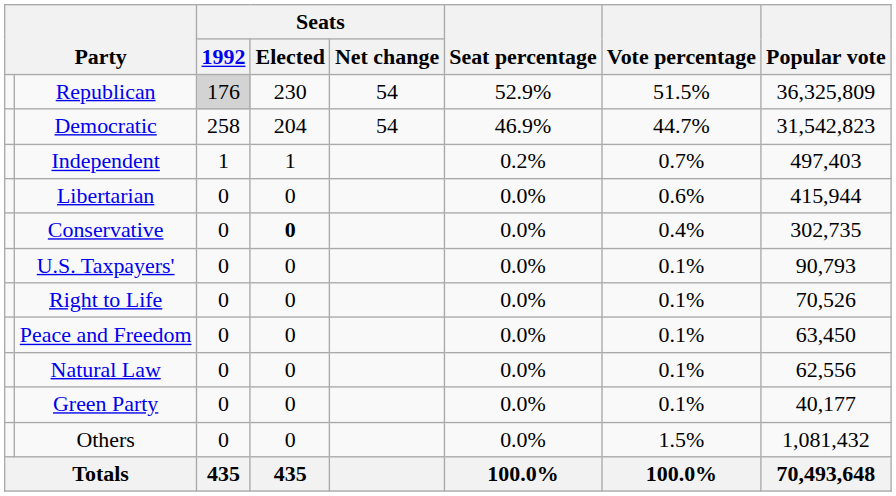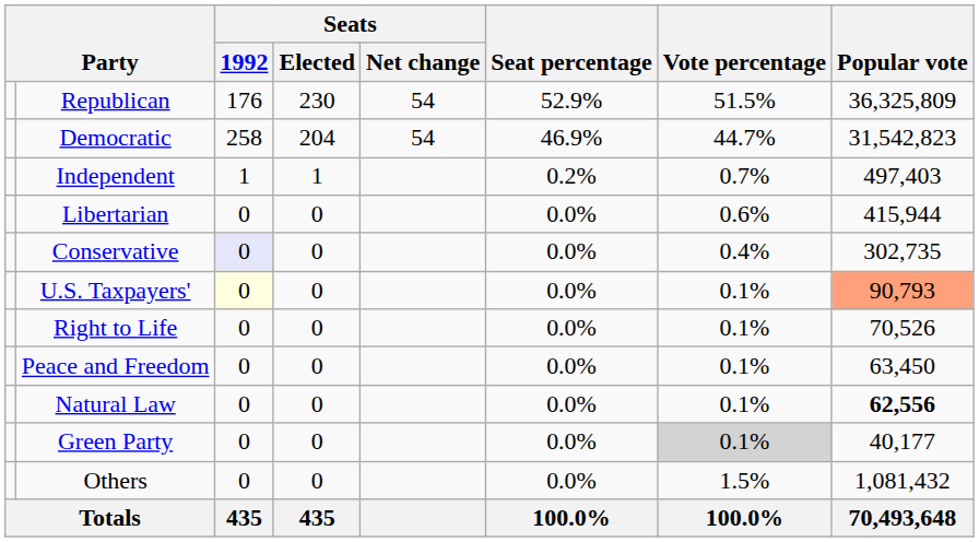 <table class=wikitable style="text-align:center">
 <tr valign=bottom>
 <th rowspan=2 colspan=2>Party</th>
 <th colspan=3>Seats</th>
 <th rowspan=2>Seat percentage</th>
 <th rowspan=2>Vote percentage</th>
 <th rowspan=2>Popular vote</th>
 </tr>
 <tr>
 <th><a href='#'>1992</a></th>
 <th>Elected</th>
 <th>Net change</th>
 </tr>
 <tr>
 <td></td>
 <td><a href='#'>Republican</a></td>
-<td style="background: lightgrey;">176</td>
+<td>176</td>
 <td>230</td>
 <td> 54</td>
 <td>52.9%</td>
 <td>51.5%</td>
 <td>36,325,809</td>
 </tr>
 <tr>
 <td></td>
 <td><a href='#'>Democratic</a></td>
 <td>258</td>
 <td>204</td>
 <td> 54</td>
 <td>46.9%</td>
 <td>44.7%</td>
 <td>31,542,823</td>
 </tr>
 <tr>
 <td></td>
 <td><a href='#'>Independent</a></td>
 <td>1</td>
 <td>1</td>
 <td></td>
 <td>0.2%</td>
 <td>0.7%</td>
 <td>497,403</td>
 </tr>
 <tr>
 <td></td>
 <td><a href='#'>Libertarian</a></td>
 <td>0</td>
 <td>0</td>
 <td></td>
 <td>0.0%</td>
 <td>0.6%</td>
 <td>415,944</td>
 </tr>
 <tr>
 <td></td>
 <td><a href='#'>Conservative</a></td>
+<td style="background: lavender;">0</td>
 <td>0</td>
-<td><strong>0</strong></td>
 <td></td>
 <td>0.0%</td>
 <td>0.4%</td>
 <td>302,735</td>
 </tr>
 <tr>
 <td></td>
 <td><a href='#'>U.S. Taxpayers'</a></td>
-<td>0</td>
+<td style="background: lightyellow;">0</td>
 <td>0</td>
 <td></td>
 <td>0.0%</td>
 <td>0.1%</td>
-<td>90,793</td>
+<td style="background: lightsalmon;">90,793</td>
 </tr>
 <tr>
 <td></td>
 <td><a href='#'>Right to Life</a></td>
 <td>0</td>
 <td>0</td>
 <td></td>
 <td>0.0%</td>
 <td>0.1%</td>
 <td>70,526</td>
 </tr>
 <tr>
 <td></td>
 <td><a href='#'>Peace and Freedom</a></td>
 <td>0</td>
 <td>0</td>
 <td></td>
 <td>0.0%</td>
 <td>0.1%</td>
 <td>63,450</td>
 </tr>
 <tr>
 <td></td>
 <td><a href='#'>Natural Law</a></td>
 <td>0</td>
 <td>0</td>
 <td></td>
 <td>0.0%</td>
 <td>0.1%</td>
-<td>62,556</td>
+<td><strong>62,556</strong></td>
 </tr>
 <tr>
 <td></td>
 <td><a href='#'>Green Party</a></td>
 <td>0</td>
 <td>0</td>
 <td></td>
 <td>0.0%</td>
-<td>0.1%</td>
+<td style="background: lightgrey;">0.1%</td>
 <td>40,177</td>
 </tr>
 <tr>
 <td></td>
 <td>Others</td>
 <td>0</td>
 <td>0</td>
 <td></td>
 <td>0.0%</td>
 <td>1.5%</td>
 <td>1,081,432</td>
 </tr>
 <tr>
 <th colspan=2>Totals</th>
 <th>435</th>
 <th>435</th>
 <th></th>
 <th>100.0%</th>
 <th>100.0%</th>
 <th>70,493,648</th>
 </tr>
 </table>
